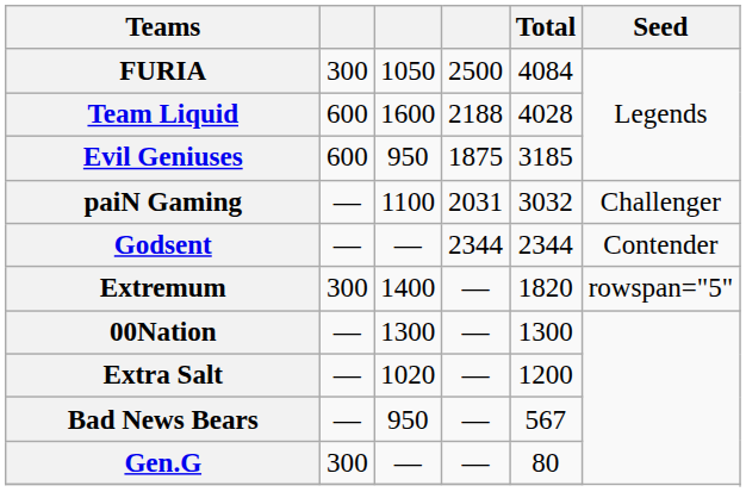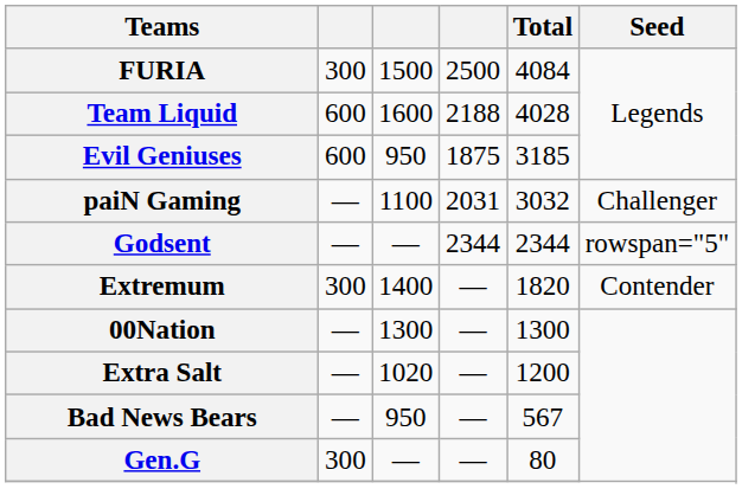 <table class="wikitable plainrowheaders" style="text-align:center;">
 <tr>
 <th scope="col" style="width:11em;">Teams</th>
 <th scope="col"></th>
 <th scope="col"></th>
 <th scope="col"></th>
 <th scope="col">Total</th>
 <th scope="col">Seed</th>
 </tr>
 <tr>
 <th scope="row">FURIA</th>
 <td>300</td>
-<td>1050</td>
+<td>1500</td>
 <td>2500</td>
 <td>4084</td>
 <td rowspan="3">Legends</td>
 </tr>
 <tr>
 <th scope="row"><a href='#'>Team Liquid</a></th>
 <td>600</td>
 <td>1600</td>
 <td>2188</td>
 <td>4028</td>
 </tr>
 <tr>
 <th scope="row"><a href='#'>Evil Geniuses</a></th>
 <td>600</td>
 <td>950</td>
 <td>1875</td>
 <td>3185</td>
 </tr>
 <tr>
 <th scope="row">paiN Gaming</th>
 <td>—</td>
 <td>1100</td>
 <td>2031</td>
 <td>3032</td>
 <td>Challenger</td>
 </tr>
 <tr>
 <th scope="row"><a href='#'>Godsent</a></th>
 <td>—</td>
 <td>—</td>
 <td>2344</td>
 <td>2344</td>
-<td>Contender</td>
+<td>rowspan="5" </td>
 </tr>
 <tr>
 <th scope="row">Extremum</th>
 <td>300</td>
 <td>1400</td>
 <td>—</td>
 <td>1820</td>
-<td>rowspan="5" </td>
+<td>Contender</td>
 </tr>
 <tr>
 <th scope="row">00Nation</th>
 <td>—</td>
 <td>1300</td>
 <td>—</td>
 <td>1300</td>
 </tr>
 <tr>
 <th scope="row">Extra Salt</th>
 <td>—</td>
 <td>1020</td>
 <td>—</td>
 <td>1200</td>
 </tr>
 <tr>
 <th scope="row">Bad News Bears</th>
 <td>—</td>
 <td>950</td>
 <td>—</td>
 <td>567</td>
 </tr>
 <tr>
 <th scope="row"><a href='#'>Gen.G</a></th>
 <td>300</td>
 <td>—</td>
 <td>—</td>
 <td>80</td>
 </tr>
 <tr>
 </tr>
 </table>
